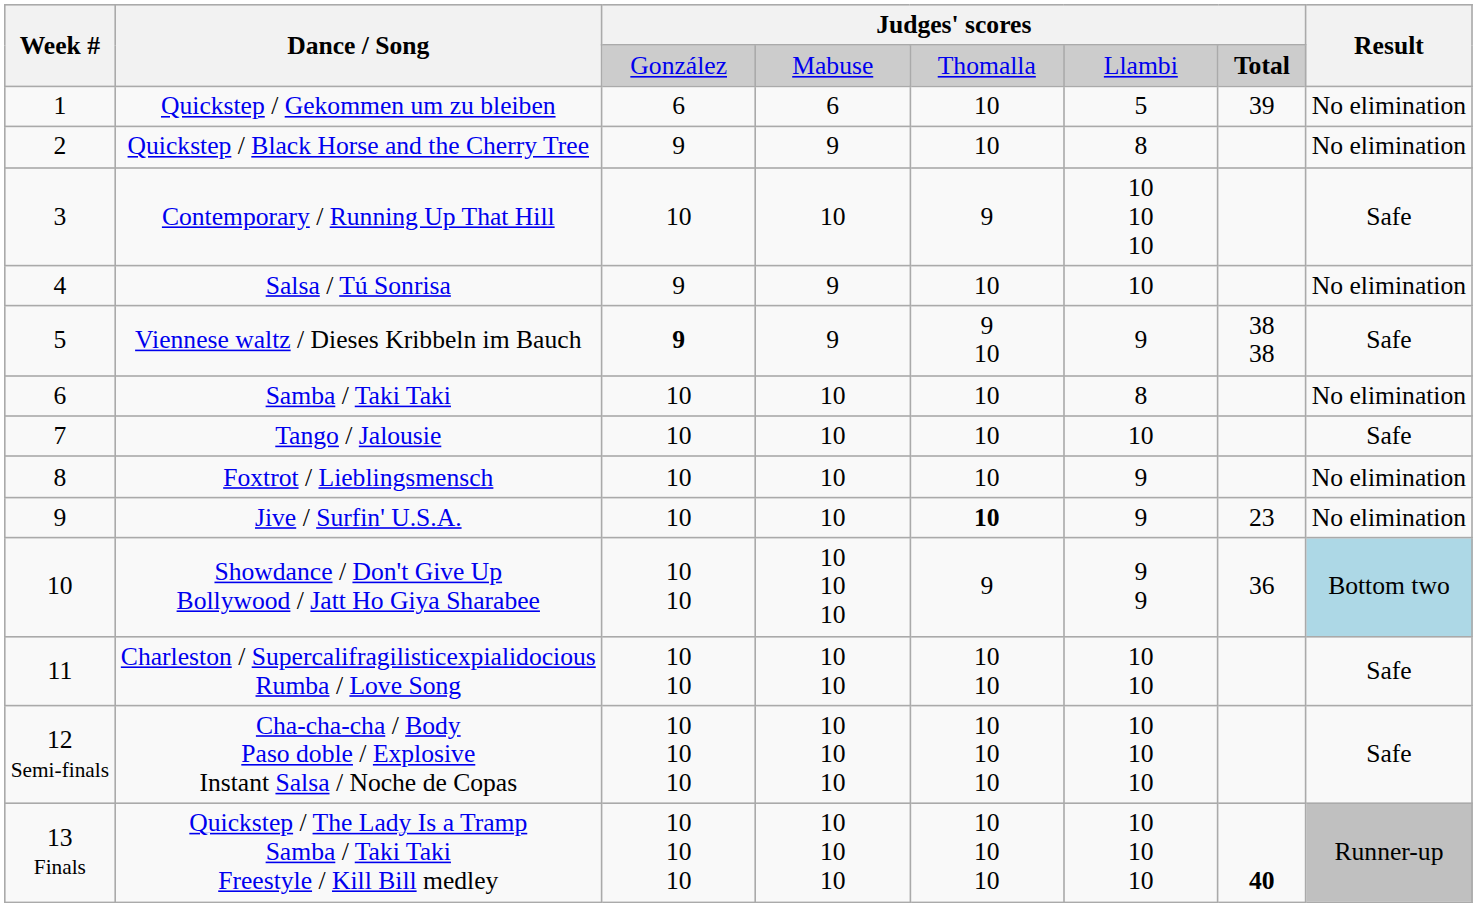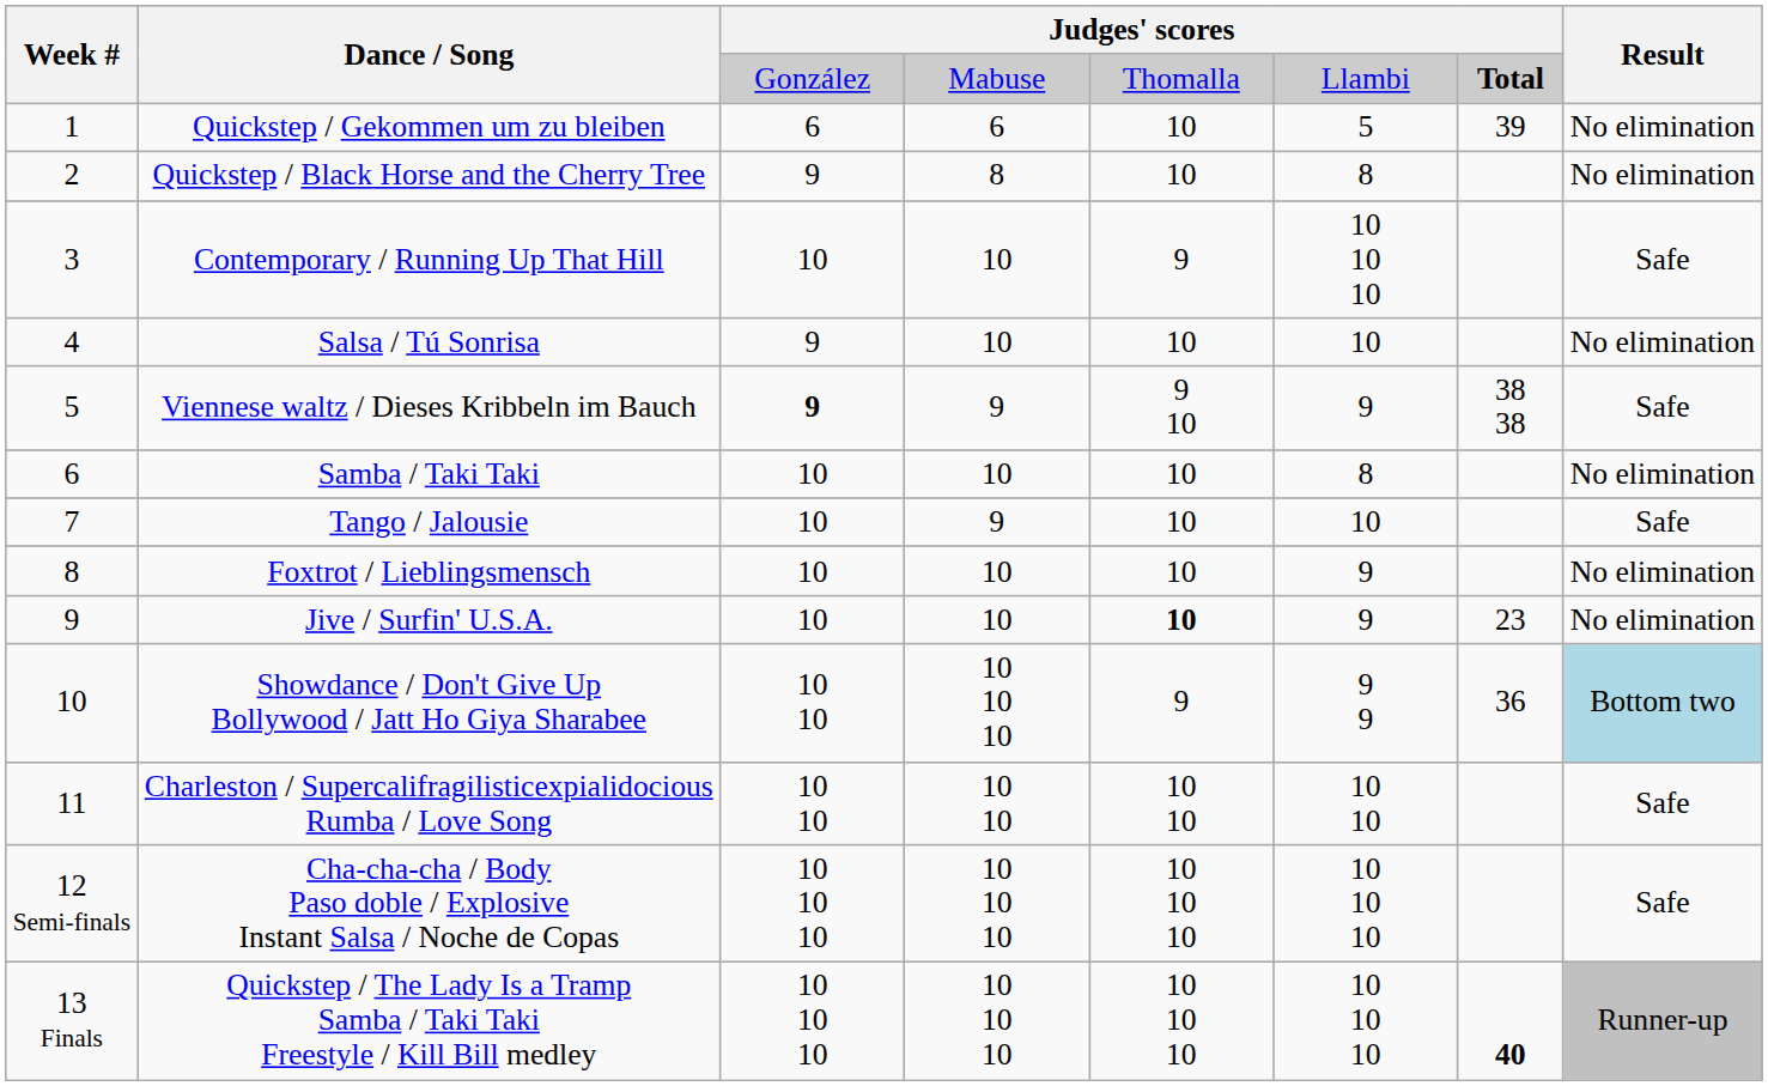 <table class="wikitable collapsible collapsed">
 <tr>
 <th rowspan="2"><strong>Week #</strong></th>
 <th rowspan="2"><strong>Dance / Song</strong></th>
 <th colspan="5"><strong>Judges' scores</strong></th>
 <th rowspan="2"><strong>Result</strong></th>
 </tr>
 <tr style="text-align:center; background:#ccc">
 <td style="width:10.5%; "><a href='#'>González</a></td>
 <td style="width:10.5%; "><a href='#'>Mabuse</a></td>
 <td style="width:10.5%; "><a href='#'>Thomalla</a></td>
 <td style="width:10.5%; "><a href='#'>Llambi</a></td>
 <td style="width:6%; "><strong>Total</strong></td>
 </tr>
 <tr>
 <td style="text-align:center;">1</td>
 <td style="text-align:center;"><a href='#'>Quickstep</a> / <a href='#'>Gekommen um zu bleiben</a></td>
 <td style="text-align:center;">6</td>
 <td style="text-align:center;">6</td>
 <td style="text-align:center;">10</td>
 <td style="text-align:center;">5</td>
 <td style="text-align:center;">39</td>
 <td style="text-align:center;">No elimination</td>
 </tr>
 <tr>
 <td style="text-align:center;">2</td>
 <td style="text-align:center;"><a href='#'>Quickstep</a> / <a href='#'>Black Horse and the Cherry Tree</a></td>
 <td style="text-align:center;">9</td>
-<td style="text-align:center;">9</td>
+<td style="text-align:center;">8</td>
 <td style="text-align:center;">10</td>
 <td style="text-align:center;">8</td>
 <td style="text-align:center;"></td>
 <td style="text-align:center;">No elimination</td>
 </tr>
 <tr>
 <td style="text-align:center;">3</td>
 <td style="text-align:center;"><a href='#'>Contemporary</a> / <a href='#'>Running Up That Hill</a></td>
 <td style="text-align:center;">10</td>
 <td style="text-align:center;">10</td>
 <td style="text-align:center;">9</td>
 <td style="text-align:center;">10<br>10<br>10</td>
 <td style="text-align:center;"></td>
 <td style="text-align:center;">Safe</td>
 </tr>
 <tr>
 <td style="text-align:center;">4</td>
 <td style="text-align:center;"><a href='#'>Salsa</a> / <a href='#'>Tú Sonrisa</a></td>
 <td style="text-align:center;">9</td>
-<td style="text-align:center;">9</td>
+<td style="text-align:center;">10</td>
 <td style="text-align:center;">10</td>
 <td style="text-align:center;">10</td>
 <td style="text-align:center;"></td>
 <td style="text-align:center;">No elimination</td>
 </tr>
 <tr>
 <td style="text-align:center;">5</td>
 <td style="text-align:center;"><a href='#'>Viennese waltz</a> / Dieses Kribbeln im Bauch</td>
 <td style="text-align:center;"><strong>9</strong></td>
 <td style="text-align:center;">9</td>
 <td style="text-align:center;">9<br>10</td>
 <td style="text-align:center;">9</td>
 <td style="text-align:center;">38<br>38</td>
 <td style="text-align:center;">Safe</td>
 </tr>
 <tr>
 <td style="text-align:center;">6</td>
 <td style="text-align:center;"><a href='#'>Samba</a> / <a href='#'>Taki Taki</a></td>
 <td style="text-align:center;">10</td>
 <td style="text-align:center;">10</td>
 <td style="text-align:center;">10</td>
 <td style="text-align:center;">8</td>
 <td style="text-align:center;"></td>
 <td style="text-align:center;">No elimination</td>
 </tr>
 <tr>
 <td style="text-align:center;">7</td>
 <td style="text-align:center;"><a href='#'>Tango</a> / <a href='#'>Jalousie</a></td>
 <td style="text-align:center;">10</td>
-<td style="text-align:center;">10</td>
+<td style="text-align:center;">9</td>
 <td style="text-align:center;">10</td>
 <td style="text-align:center;">10</td>
 <td style="text-align:center;"></td>
 <td style="text-align:center;">Safe</td>
 </tr>
 <tr>
 <td style="text-align:center;">8</td>
 <td style="text-align:center;"><a href='#'>Foxtrot</a> / <a href='#'>Lieblingsmensch</a></td>
 <td style="text-align:center;">10</td>
 <td style="text-align:center;">10</td>
 <td style="text-align:center;">10</td>
 <td style="text-align:center;">9</td>
 <td style="text-align:center;"></td>
 <td style="text-align:center;">No elimination</td>
 </tr>
 <tr>
 <td style="text-align:center;">9</td>
 <td style="text-align:center;"><a href='#'>Jive</a> / <a href='#'>Surfin' U.S.A.</a></td>
 <td style="text-align:center;">10</td>
 <td style="text-align:center;">10</td>
 <td style="text-align:center;"><strong>10</strong></td>
 <td style="text-align:center;">9</td>
 <td style="text-align:center;">23</td>
 <td style="text-align:center;">No elimination</td>
 </tr>
 <tr>
 <td style="text-align:center;">10</td>
 <td style="text-align:center;"><a href='#'>Showdance</a> / <a href='#'>Don't Give Up</a><br><a href='#'>Bollywood</a> / <a href='#'>Jatt Ho Giya Sharabee</a></td>
 <td style="text-align:center;">10<br>10</td>
 <td style="text-align:center;">10<br>10<br>10</td>
 <td style="text-align:center;">9</td>
 <td style="text-align:center;">9<br>9</td>
 <td style="text-align:center;">36</td>
 <td style="text-align:center; background:lightblue">Bottom two</td>
 </tr>
 <tr>
 <td style="text-align:center;">11</td>
 <td style="text-align:center;"><a href='#'>Charleston</a> / <a href='#'>Supercalifragilisticexpialidocious</a><br><a href='#'>Rumba</a> / <a href='#'>Love Song</a></td>
 <td style="text-align:center;">10<br>10</td>
 <td style="text-align:center;">10<br>10</td>
 <td style="text-align:center;">10<br>10</td>
 <td style="text-align:center;">10<br>10</td>
 <td style="text-align:center;"><br></td>
 <td style="text-align:center;">Safe</td>
 </tr>
 <tr>
 <td style="text-align:center;">12<br><small>Semi-finals</small></td>
 <td style="text-align:center;"><a href='#'>Cha-cha-cha</a> / <a href='#'>Body</a><br><a href='#'>Paso doble</a> / <a href='#'>Explosive</a><br>Instant <a href='#'>Salsa</a> / Noche de Copas</td>
 <td style="text-align:center;">10<br>10<br>10</td>
 <td style="text-align:center;">10<br>10<br>10</td>
 <td style="text-align:center;">10<br>10<br>10</td>
 <td style="text-align:center;">10<br>10<br>10</td>
 <td style="text-align:center;"><br><br></td>
 <td style="text-align:center;">Safe</td>
 </tr>
 <tr>
 <td style="text-align:center;">13<br><small>Finals</small></td>
 <td style="text-align:center;"><a href='#'>Quickstep</a> / <a href='#'>The Lady Is a Tramp</a><br><a href='#'>Samba</a> / <a href='#'>Taki Taki</a><br><a href='#'>Freestyle</a> / <a href='#'>Kill Bill</a> medley</td>
 <td style="text-align:center;">10<br>10<br>10</td>
 <td style="text-align:center;">10<br>10<br>10</td>
 <td style="text-align:center;">10<br>10<br>10</td>
 <td style="text-align:center;">10<br>10<br>10</td>
 <td style="text-align:center;"><br><br><strong>40</strong></td>
 <td style="text-align:center; background:silver;">Runner-up</td>
 </tr>
 </table>
